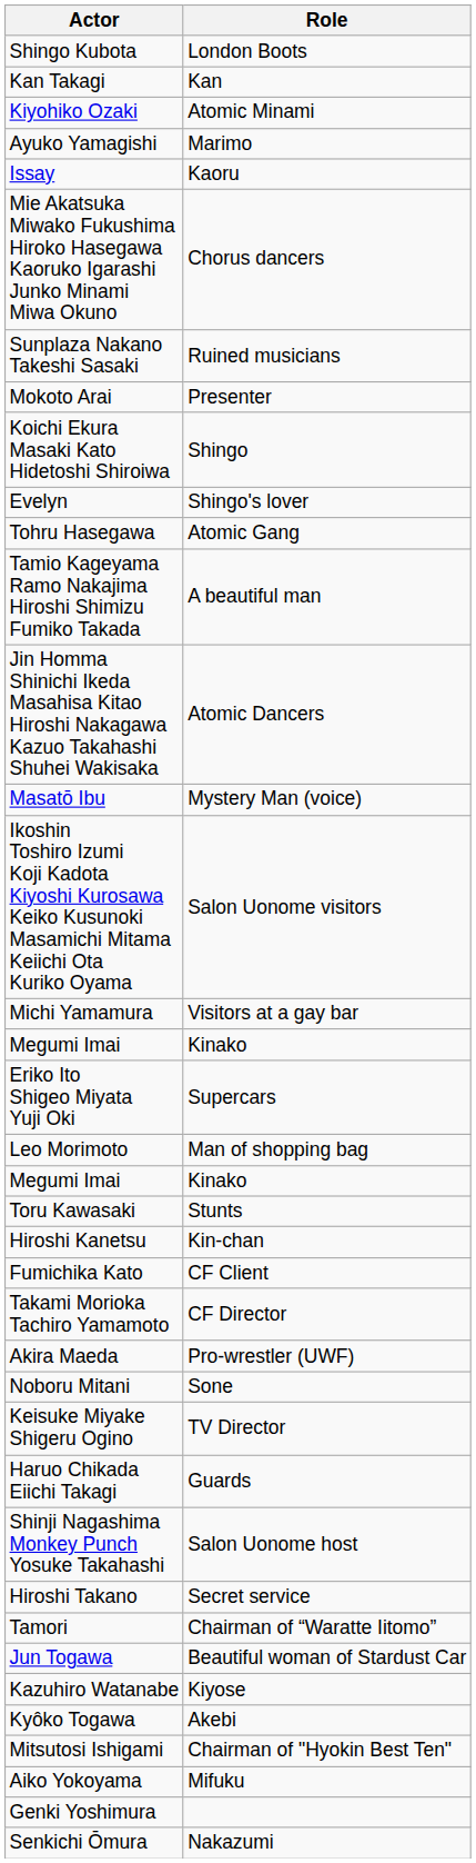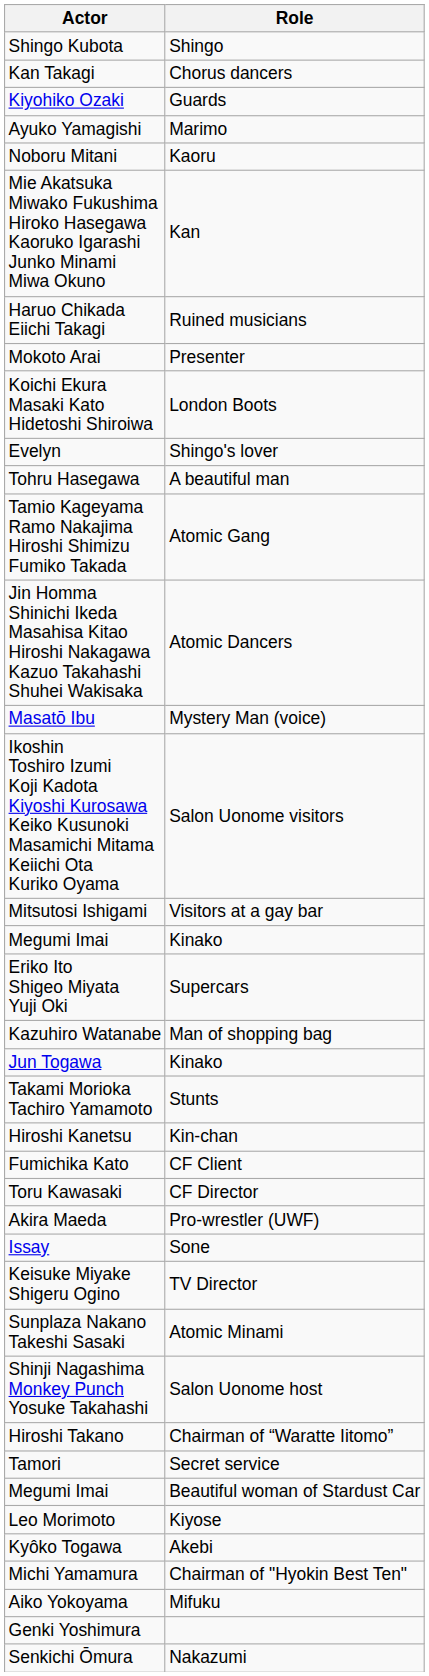 <table class="wikitable">
 <tr>
 <th>Actor</th>
 <th>Role</th>
 </tr>
 <tr>
 <td>Shingo Kubota</td>
-<td>London Boots</td>
+<td>Shingo</td>
 </tr>
 <tr>
 <td>Kan Takagi</td>
-<td>Kan</td>
+<td>Chorus dancers</td>
 </tr>
 <tr>
 <td><a href='#'>Kiyohiko Ozaki</a></td>
-<td>Atomic Minami</td>
+<td>Guards</td>
 </tr>
 <tr>
 <td>Ayuko Yamagishi</td>
 <td>Marimo</td>
 </tr>
 <tr>
-<td><a href='#'>Issay</a></td>
+<td>Noboru Mitani</td>
 <td>Kaoru</td>
 </tr>
 <tr>
 <td>Mie Akatsuka<br>Miwako Fukushima<br>Hiroko Hasegawa<br>Kaoruko Igarashi<br>Junko Minami<br>Miwa Okuno</td>
-<td>Chorus dancers</td>
+<td>Kan</td>
 </tr>
 <tr>
-<td>Sunplaza Nakano<br>Takeshi Sasaki</td>
+<td>Haruo Chikada<br>Eiichi Takagi</td>
 <td>Ruined musicians</td>
 </tr>
 <tr>
 <td>Mokoto Arai</td>
 <td>Presenter</td>
 </tr>
 <tr>
 <td>Koichi Ekura<br>Masaki Kato<br>Hidetoshi Shiroiwa</td>
-<td>Shingo</td>
+<td>London Boots</td>
 </tr>
 <tr>
 <td>Evelyn</td>
 <td>Shingo's lover</td>
 </tr>
 <tr>
 <td>Tohru Hasegawa</td>
-<td>Atomic Gang</td>
+<td>A beautiful man</td>
 </tr>
 <tr>
 <td>Tamio Kageyama<br>Ramo Nakajima<br>Hiroshi Shimizu<br>Fumiko Takada</td>
-<td>A beautiful man</td>
+<td>Atomic Gang</td>
 </tr>
 <tr>
 <td>Jin Homma<br>Shinichi Ikeda<br>Masahisa Kitao<br>Hiroshi Nakagawa<br>Kazuo Takahashi<br>Shuhei Wakisaka</td>
 <td>Atomic Dancers</td>
 </tr>
 <tr>
 <td><a href='#'>Masatō Ibu</a></td>
 <td>Mystery Man (voice)</td>
 </tr>
 <tr>
 <td>Ikoshin<br>Toshiro Izumi<br>Koji Kadota<br><a href='#'>Kiyoshi Kurosawa</a><br>Keiko Kusunoki<br>Masamichi Mitama<br>Keiichi Ota<br>Kuriko Oyama</td>
 <td>Salon Uonome visitors</td>
 </tr>
 <tr>
-<td>Michi Yamamura</td>
+<td>Mitsutosi Ishigami</td>
 <td>Visitors at a gay bar</td>
 </tr>
 <tr>
 <td>Megumi Imai</td>
 <td>Kinako</td>
 </tr>
 <tr>
 <td>Eriko Ito<br>Shigeo Miyata<br>Yuji Oki</td>
 <td>Supercars</td>
 </tr>
 <tr>
-<td>Leo Morimoto</td>
+<td>Kazuhiro Watanabe</td>
 <td>Man of shopping bag</td>
 </tr>
 <tr>
-<td>Megumi Imai</td>
+<td><a href='#'>Jun Togawa</a></td>
 <td>Kinako</td>
 </tr>
 <tr>
-<td>Toru Kawasaki</td>
+<td>Takami Morioka<br>Tachiro Yamamoto</td>
 <td>Stunts</td>
 </tr>
 <tr>
 <td>Hiroshi Kanetsu</td>
 <td>Kin-chan</td>
 </tr>
 <tr>
 <td>Fumichika Kato</td>
 <td>CF Client</td>
 </tr>
 <tr>
-<td>Takami Morioka<br>Tachiro Yamamoto</td>
+<td>Toru Kawasaki</td>
 <td>CF Director</td>
 </tr>
 <tr>
 <td>Akira Maeda</td>
 <td>Pro-wrestler (UWF)</td>
 </tr>
 <tr>
-<td>Noboru Mitani</td>
+<td><a href='#'>Issay</a></td>
 <td>Sone</td>
 </tr>
 <tr>
 <td>Keisuke Miyake<br>Shigeru Ogino</td>
 <td>TV Director</td>
 </tr>
 <tr>
-<td>Haruo Chikada<br>Eiichi Takagi</td>
-<td>Guards</td>
+<td>Sunplaza Nakano<br>Takeshi Sasaki</td>
+<td>Atomic Minami</td>
 </tr>
 <tr>
 <td>Shinji Nagashima<br><a href='#'>Monkey Punch</a><br>Yosuke Takahashi</td>
 <td>Salon Uonome host</td>
 </tr>
 <tr>
 <td>Hiroshi Takano</td>
+<td>Chairman of “Waratte Iitomo”</td>
+</tr>
+<tr>
+<td>Tamori</td>
 <td>Secret service</td>
 </tr>
 <tr>
-<td>Tamori</td>
-<td>Chairman of “Waratte Iitomo”</td>
-</tr>
-<tr>
-<td><a href='#'>Jun Togawa</a></td>
+<td>Megumi Imai</td>
 <td>Beautiful woman of Stardust Car</td>
 </tr>
 <tr>
-<td>Kazuhiro Watanabe</td>
+<td>Leo Morimoto</td>
 <td>Kiyose</td>
 </tr>
 <tr>
 <td>Kyôko Togawa</td>
 <td>Akebi</td>
 </tr>
 <tr>
-<td>Mitsutosi Ishigami</td>
+<td>Michi Yamamura</td>
 <td>Chairman of "Hyokin Best Ten"</td>
 </tr>
 <tr>
 <td>Aiko Yokoyama</td>
 <td>Mifuku</td>
 </tr>
 <tr>
 <td>Genki Yoshimura</td>
 <td></td>
 </tr>
 <tr>
 <td>Senkichi Ōmura</td>
 <td>Nakazumi</td>
 </tr>
 </table>
